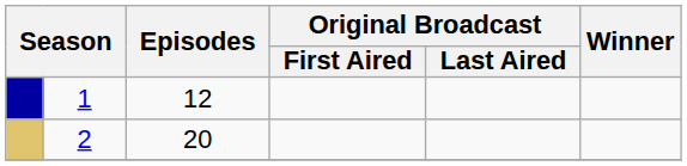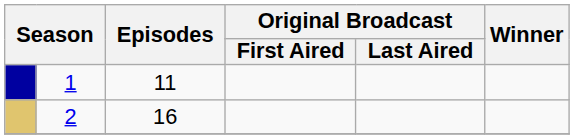 <table class="wikitable" style="text-align:center">
 <tr>
 <th style="padding: 0 8px" colspan="2" rowspan="2">Season</th>
 <th style="padding: 0 8px" rowspan="2">Episodes</th>
 <th colspan="2">Original Broadcast</th>
 <th rowspan="2">Winner</th>
 </tr>
 <tr>
 <th style="padding: 0 8px">First Aired</th>
 <th style="padding: 0 8px">Last Aired</th>
 </tr>
 <tr>
 <td style="background:#0000A0"></td>
 <td align="center"><a href='#'>1</a></td>
-<td>12</td>
+<td>11</td>
 <td align="center"></td>
 <td></td>
 <td></td>
 </tr>
 <tr>
 <td style="background:#E0C56E"></td>
 <td align="center"><a href='#'>2</a></td>
-<td>20</td>
+<td>16</td>
 <td align="center"></td>
 <td></td>
 <td></td>
 </tr>
 <tr>
 </tr>
 </table>
